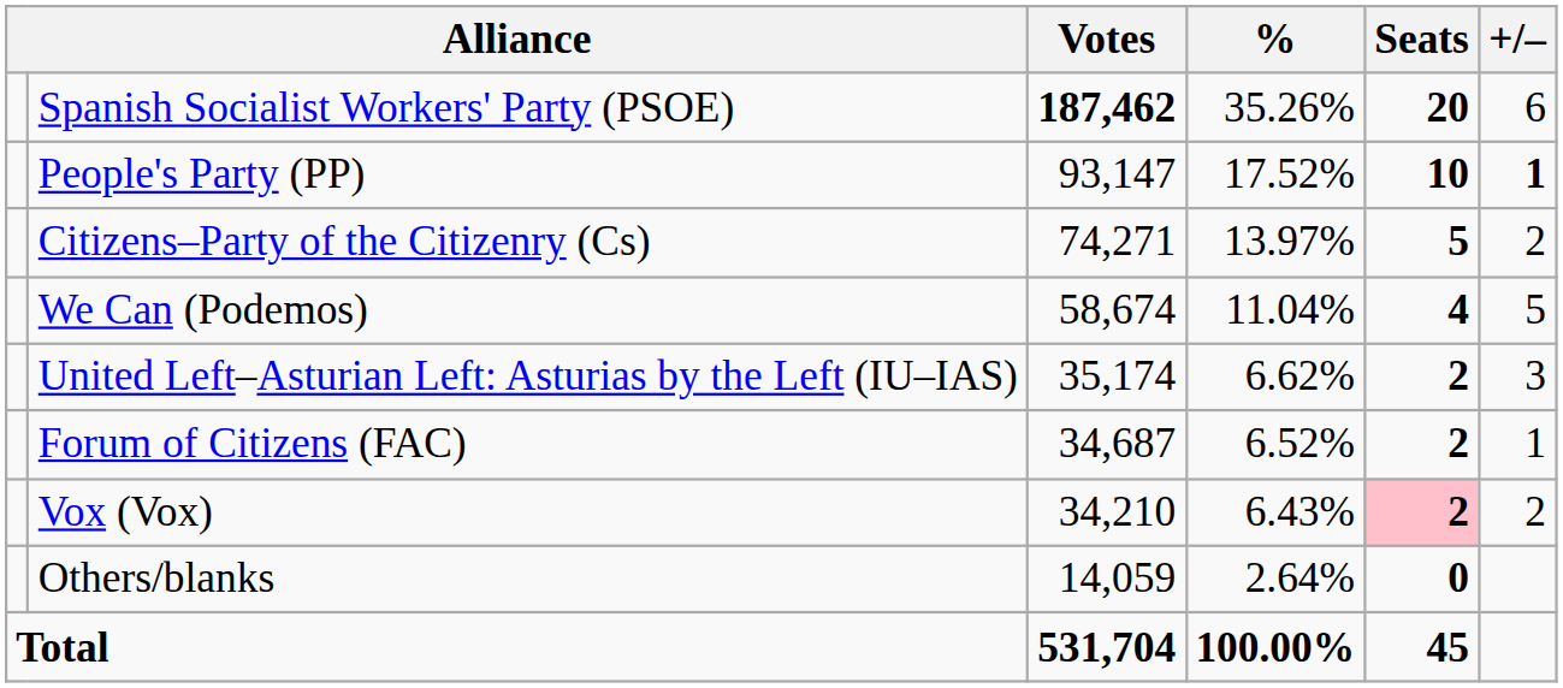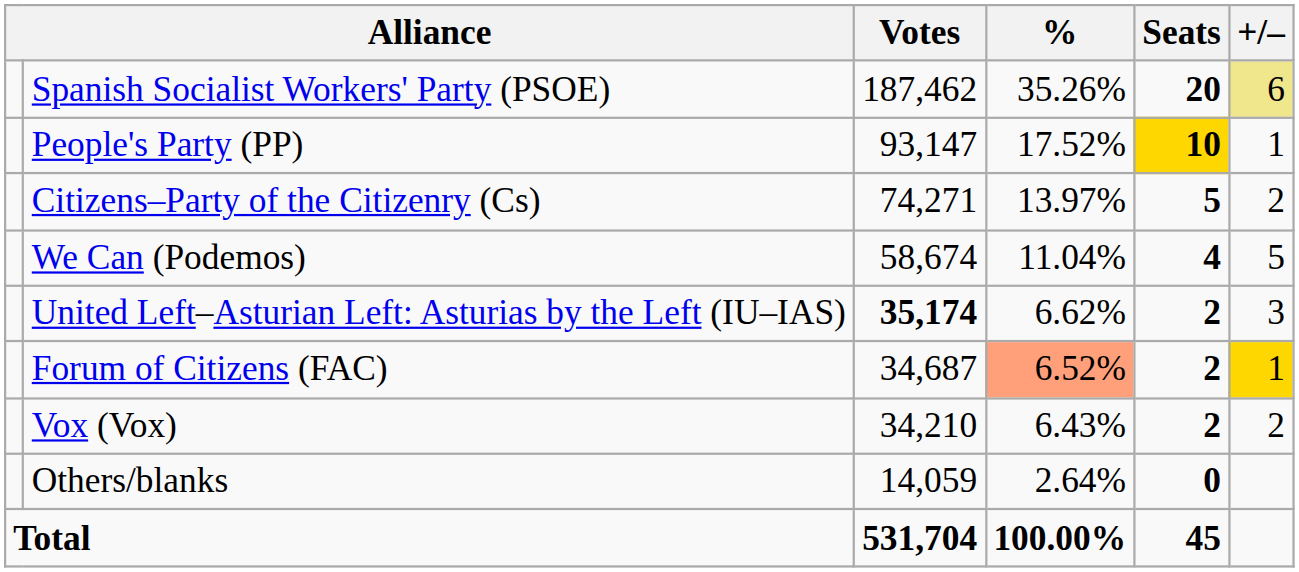 <table class="wikitable" style="font-size:100%; text-align:right;">
 <tr>
 <th colspan="2">Alliance</th>
 <th>Votes</th>
 <th>%</th>
 <th>Seats</th>
 <th>+/–</th>
 </tr>
 <tr>
 <td width="1"></td>
 <td align="left"><a href='#'>Spanish Socialist Workers' Party</a> (PSOE)</td>
-<td><strong>187,462</strong></td>
+<td>187,462</td>
 <td>35.26%</td>
 <td><strong>20</strong></td>
-<td>6</td>
+<td style="background: khaki;">6</td>
 </tr>
 <tr>
 <td></td>
 <td align="left"><a href='#'>People's Party</a> (PP)</td>
 <td>93,147</td>
 <td>17.52%</td>
-<td><strong>10</strong></td>
-<td><strong>1</strong></td>
+<td style="background: gold;"><strong>10</strong></td>
+<td>1</td>
 </tr>
 <tr>
 <td></td>
 <td align="left"><a href='#'>Citizens–Party of the Citizenry</a> (Cs)</td>
 <td>74,271</td>
 <td>13.97%</td>
 <td><strong>5</strong></td>
 <td>2</td>
 </tr>
 <tr>
 <td></td>
 <td align="left"><a href='#'>We Can</a> (Podemos)</td>
 <td>58,674</td>
 <td>11.04%</td>
 <td><strong>4</strong></td>
 <td>5</td>
 </tr>
 <tr>
 <td></td>
 <td align="left"><a href='#'>United Left</a>–<a href='#'>Asturian Left: Asturias by the Left</a> (IU–IAS)</td>
-<td>35,174</td>
+<td><strong>35,174</strong></td>
 <td>6.62%</td>
 <td><strong>2</strong></td>
 <td>3</td>
 </tr>
 <tr>
 <td></td>
 <td align="left"><a href='#'>Forum of Citizens</a> (FAC)</td>
 <td>34,687</td>
-<td>6.52%</td>
+<td style="background: lightsalmon;">6.52%</td>
 <td><strong>2</strong></td>
-<td>1</td>
+<td style="background: gold;">1</td>
 </tr>
 <tr>
 <td></td>
 <td align="left"><a href='#'>Vox</a> (Vox)</td>
 <td>34,210</td>
 <td>6.43%</td>
-<td style="background: pink;"><strong>2</strong></td>
+<td><strong>2</strong></td>
 <td>2</td>
 </tr>
 <tr>
 <td></td>
 <td align=left>Others/blanks</td>
 <td>14,059</td>
 <td>2.64%</td>
 <td><strong>0</strong></td>
 <td></td>
 </tr>
 <tr style="font-weight:bold">
 <td colspan="2" align=left>Total</td>
 <td>531,704</td>
 <td>100.00%</td>
 <td>45</td>
 <td></td>
 </tr>
 </table>
